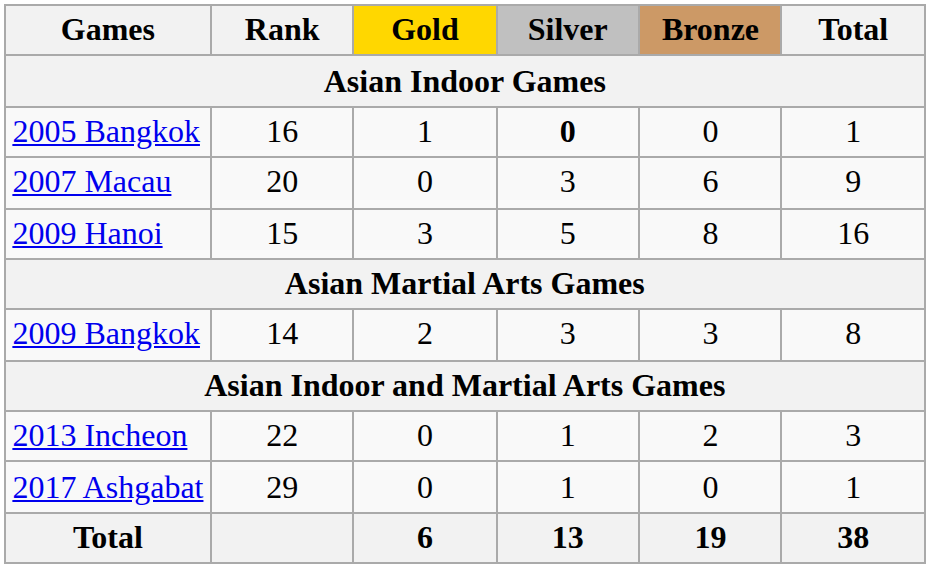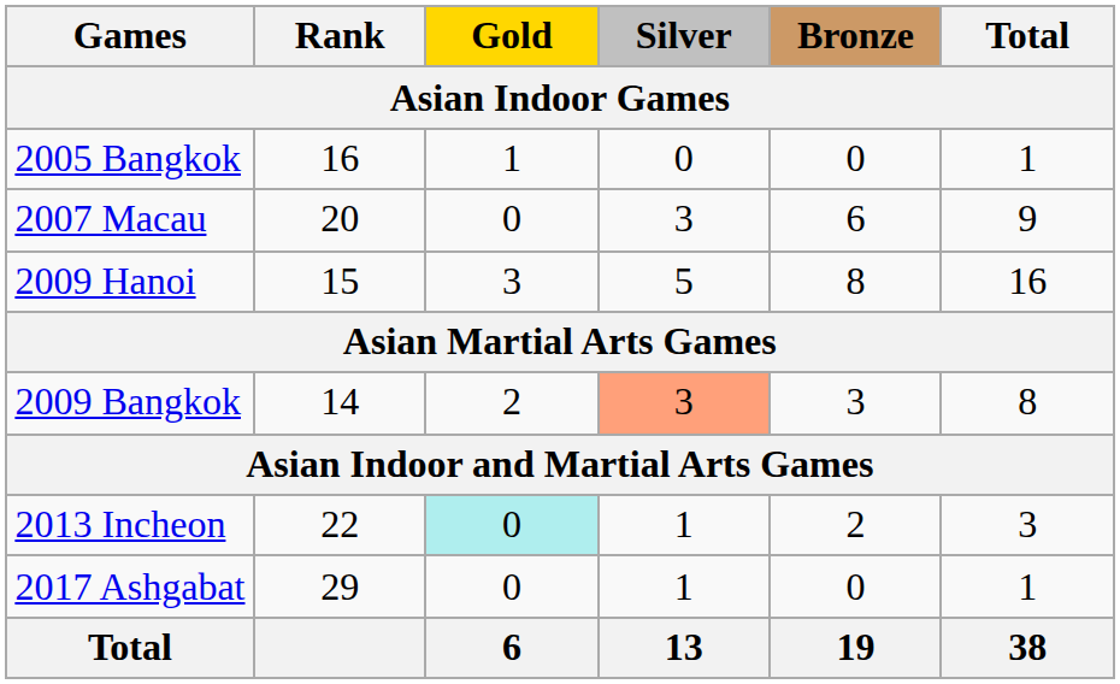 <table class="wikitable sortable" style="margin-top:0em; text-align:center; font-size:100%;">
 <tr>
 <th>Games</th>
 <th style="width:4em;">Rank</th>
 <th style="background:gold; width:4em;"><strong>Gold</strong></th>
 <th style="background:silver; width:4em;"><strong>Silver</strong></th>
 <th style="background:#cc9966; width:4em;"><strong>Bronze</strong></th>
 <th style="width:4em;">Total</th>
 </tr>
 <tr>
 <th colspan=6><strong>Asian Indoor Games</strong></th>
 </tr>
 <tr>
 <td align=left><a href='#'>2005 Bangkok</a></td>
 <td>16</td>
 <td>1</td>
-<td><strong>0</strong></td>
+<td>0</td>
 <td>0</td>
 <td>1</td>
 </tr>
 <tr>
 <td align=left><a href='#'>2007 Macau</a></td>
 <td>20</td>
 <td>0</td>
 <td>3</td>
 <td>6</td>
 <td>9</td>
 </tr>
 <tr>
 <td align=left><a href='#'>2009 Hanoi</a></td>
 <td>15</td>
 <td>3</td>
 <td>5</td>
 <td>8</td>
 <td>16</td>
 </tr>
 <tr>
 <th colspan=6><strong>Asian Martial Arts Games</strong></th>
 </tr>
 <tr>
 <td align=left><a href='#'>2009 Bangkok</a></td>
 <td>14</td>
 <td>2</td>
-<td>3</td>
+<td style="background: lightsalmon;">3</td>
 <td>3</td>
 <td>8</td>
 </tr>
 <tr>
 <th colspan=6><strong>Asian Indoor and Martial Arts Games</strong></th>
 </tr>
 <tr>
 <td align=left><a href='#'>2013 Incheon</a></td>
 <td>22</td>
-<td>0</td>
+<td style="background: paleturquoise;">0</td>
 <td>1</td>
 <td>2</td>
 <td>3</td>
 </tr>
 <tr>
 <td align=left><a href='#'>2017 Ashgabat</a></td>
 <td>29</td>
 <td>0</td>
 <td>1</td>
 <td>0</td>
 <td>1</td>
 </tr>
 <tr>
 <th>Total</th>
 <th></th>
 <th>6</th>
 <th>13</th>
 <th>19</th>
 <th>38</th>
 </tr>
 </table>
